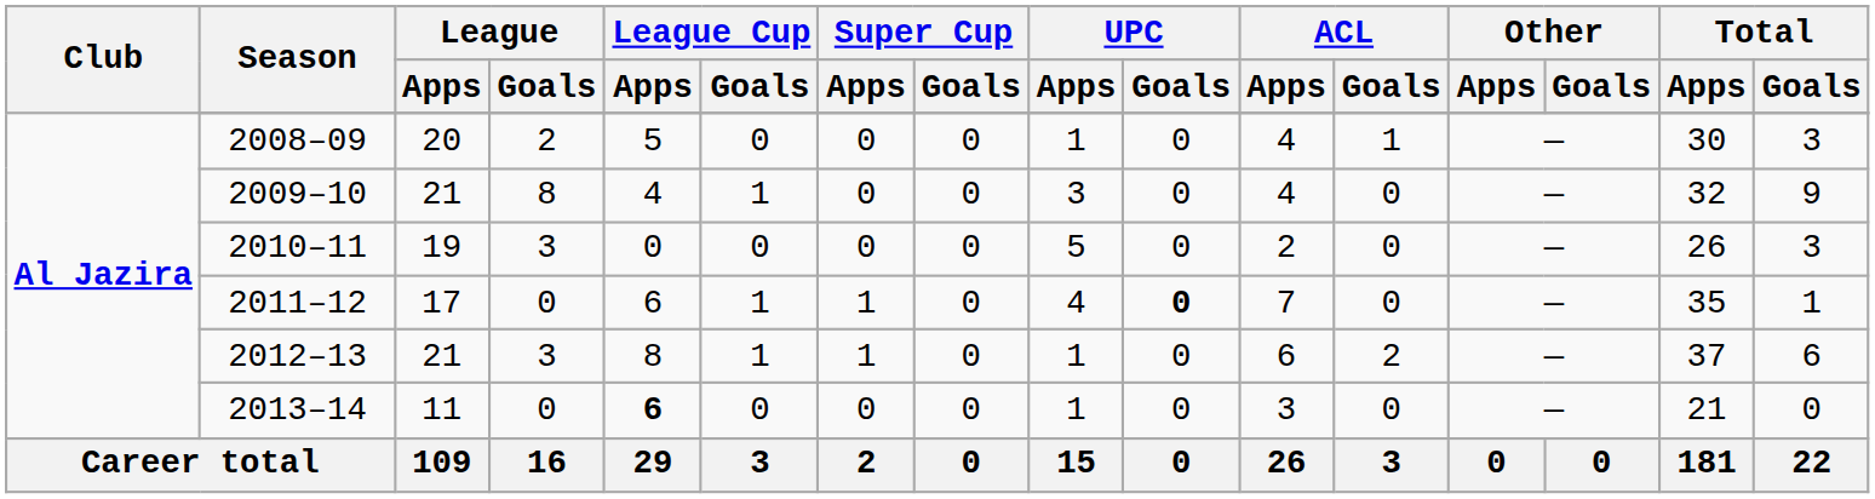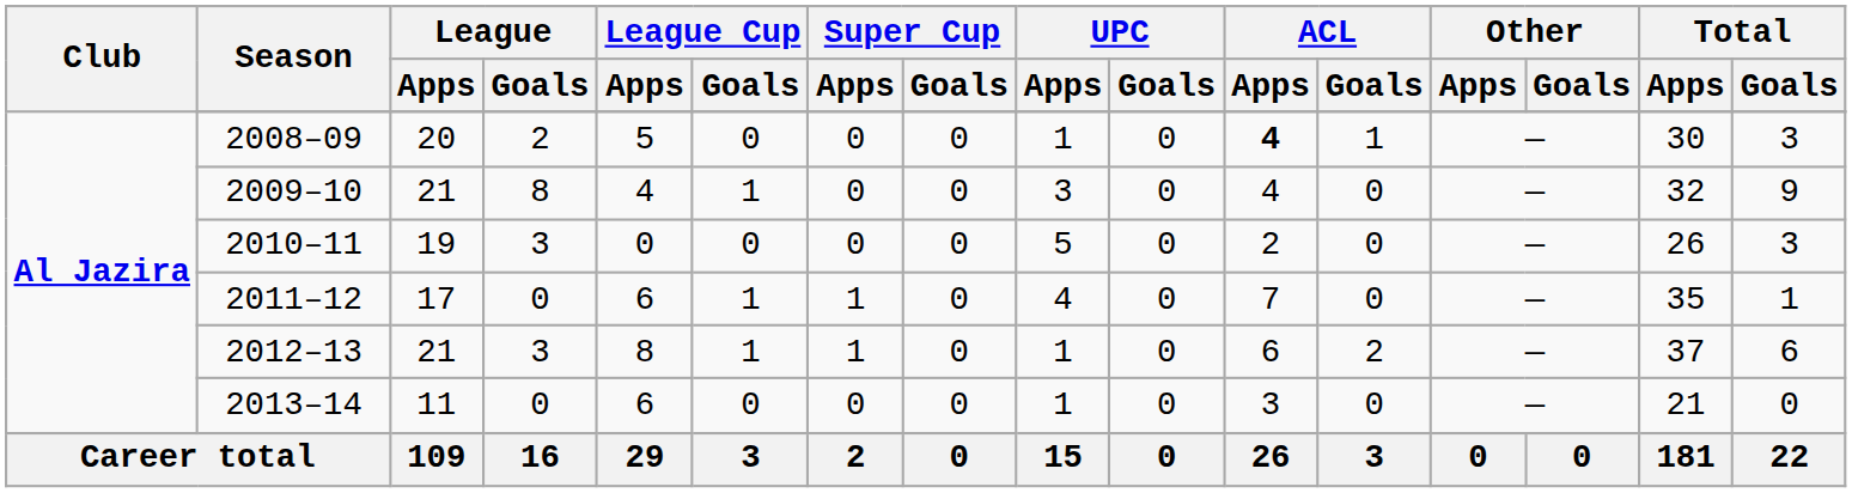 <table class="wikitable" style="text-align: center;">
 <tr>
 <th rowspan="2">Club</th>
 <th rowspan="2" style="width:70px;">Season</th>
 <th colspan="2">League</th>
 <th colspan="2"><a href='#'>League Cup</a></th>
 <th colspan="2"><a href='#'>Super Cup</a></th>
 <th colspan="2"><a href='#'>UPC</a></th>
 <th colspan="2"><a href='#'>ACL</a></th>
 <th colspan="2">Other</th>
 <th colspan="2">Total</th>
 </tr>
 <tr>
 <th>Apps</th>
 <th>Goals</th>
 <th>Apps</th>
 <th>Goals</th>
 <th>Apps</th>
 <th>Goals</th>
 <th>Apps</th>
 <th>Goals</th>
 <th>Apps</th>
 <th>Goals</th>
 <th>Apps</th>
 <th>Goals</th>
 <th>Apps</th>
 <th>Goals</th>
 </tr>
 <tr align=center>
 <td rowspan="7" align=center valign=center><strong><a href='#'>Al Jazira</a></strong></td>
 </tr>
 <tr>
 <td>2008–09</td>
 <td>20</td>
 <td>2</td>
 <td>5</td>
 <td>0</td>
 <td>0</td>
 <td>0</td>
 <td>1</td>
 <td>0</td>
-<td>4</td>
+<td><strong>4</strong></td>
 <td>1</td>
 <td colspan="2">—</td>
 <td>30</td>
 <td>3</td>
 </tr>
 <tr>
 <td>2009–10</td>
 <td>21</td>
 <td>8</td>
 <td>4</td>
 <td>1</td>
 <td>0</td>
 <td>0</td>
 <td>3</td>
 <td>0</td>
 <td>4</td>
 <td>0</td>
 <td colspan="2">—</td>
 <td>32</td>
 <td>9</td>
 </tr>
 <tr>
 <td>2010–11</td>
 <td>19</td>
 <td>3</td>
 <td>0</td>
 <td>0</td>
 <td>0</td>
 <td>0</td>
 <td>5</td>
 <td>0</td>
 <td>2</td>
 <td>0</td>
 <td colspan="2">—</td>
 <td>26</td>
 <td>3</td>
 </tr>
 <tr>
 <td>2011–12</td>
 <td>17</td>
 <td>0</td>
 <td>6</td>
 <td>1</td>
 <td>1</td>
 <td>0</td>
 <td>4</td>
-<td><strong>0</strong></td>
+<td>0</td>
 <td>7</td>
 <td>0</td>
 <td colspan="2">—</td>
 <td>35</td>
 <td>1</td>
 </tr>
 <tr>
 <td>2012–13</td>
 <td>21</td>
 <td>3</td>
 <td>8</td>
 <td>1</td>
 <td>1</td>
 <td>0</td>
 <td>1</td>
 <td>0</td>
 <td>6</td>
 <td>2</td>
 <td colspan="2">—</td>
 <td>37</td>
 <td>6</td>
 </tr>
 <tr>
 <td>2013–14</td>
 <td>11</td>
 <td>0</td>
-<td><strong>6</strong></td>
+<td>6</td>
 <td>0</td>
 <td>0</td>
 <td>0</td>
 <td>1</td>
 <td>0</td>
 <td>3</td>
 <td>0</td>
 <td colspan="2">—</td>
 <td>21</td>
 <td>0</td>
 </tr>
 <tr>
 <th colspan="2">Career total</th>
 <th>109</th>
 <th>16</th>
 <th>29</th>
 <th>3</th>
 <th>2</th>
 <th>0</th>
 <th>15</th>
 <th>0</th>
 <th>26</th>
 <th>3</th>
 <th>0</th>
 <th>0</th>
 <th>181</th>
 <th>22</th>
 </tr>
 </table>
